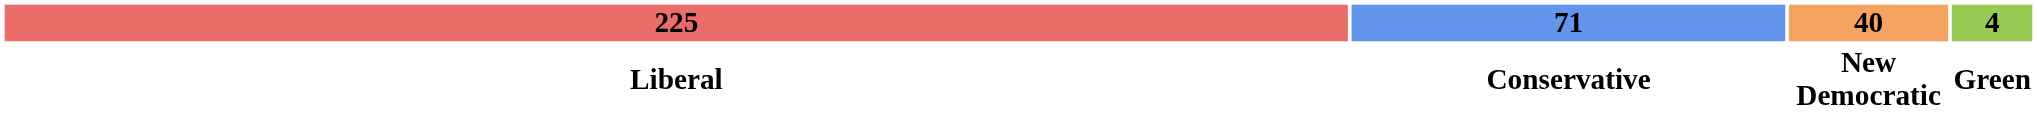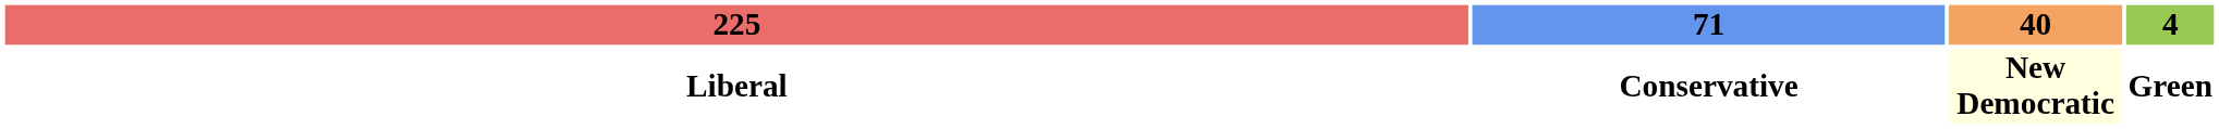 <table style="width:88%; text-align:center; font-weight: bold;">
 <tr style="color:black;">
 <td style="background:#EA6D6A; width:66.6%;">225</td>
 <td style="background:#6495ED; width:21.5%;">71</td>
 <td style="background:#F4A460; width:11.8;">40</td>
 <td style="background:#99C955; width:00.90%;">4</td>
 </tr>
 <tr>
 <td>Liberal</td>
 <td>Conservative</td>
-<td>New Democratic</td>
+<td style="background: lightyellow;">New Democratic</td>
 <td>Green</td>
 </tr>
 </table>
